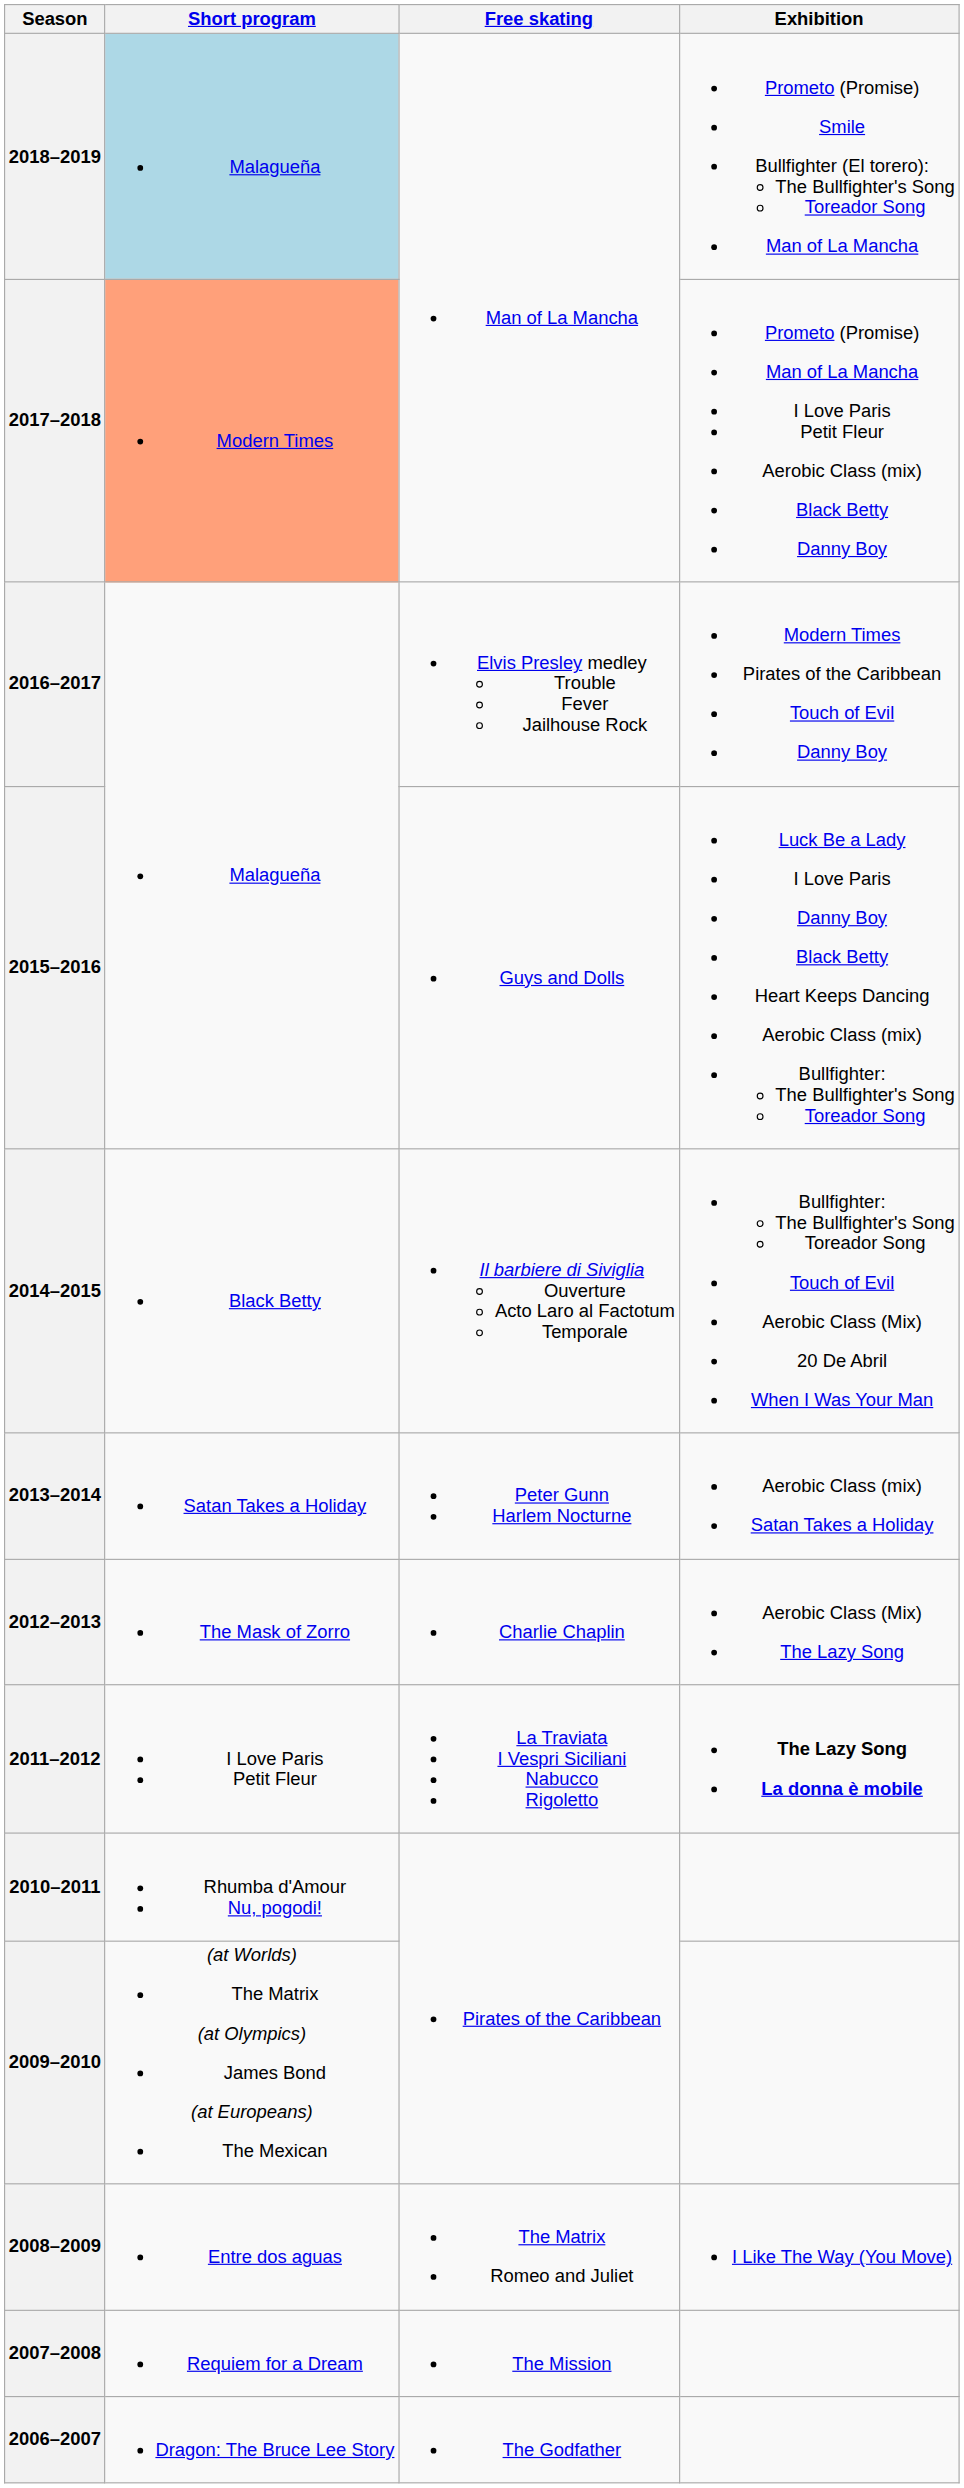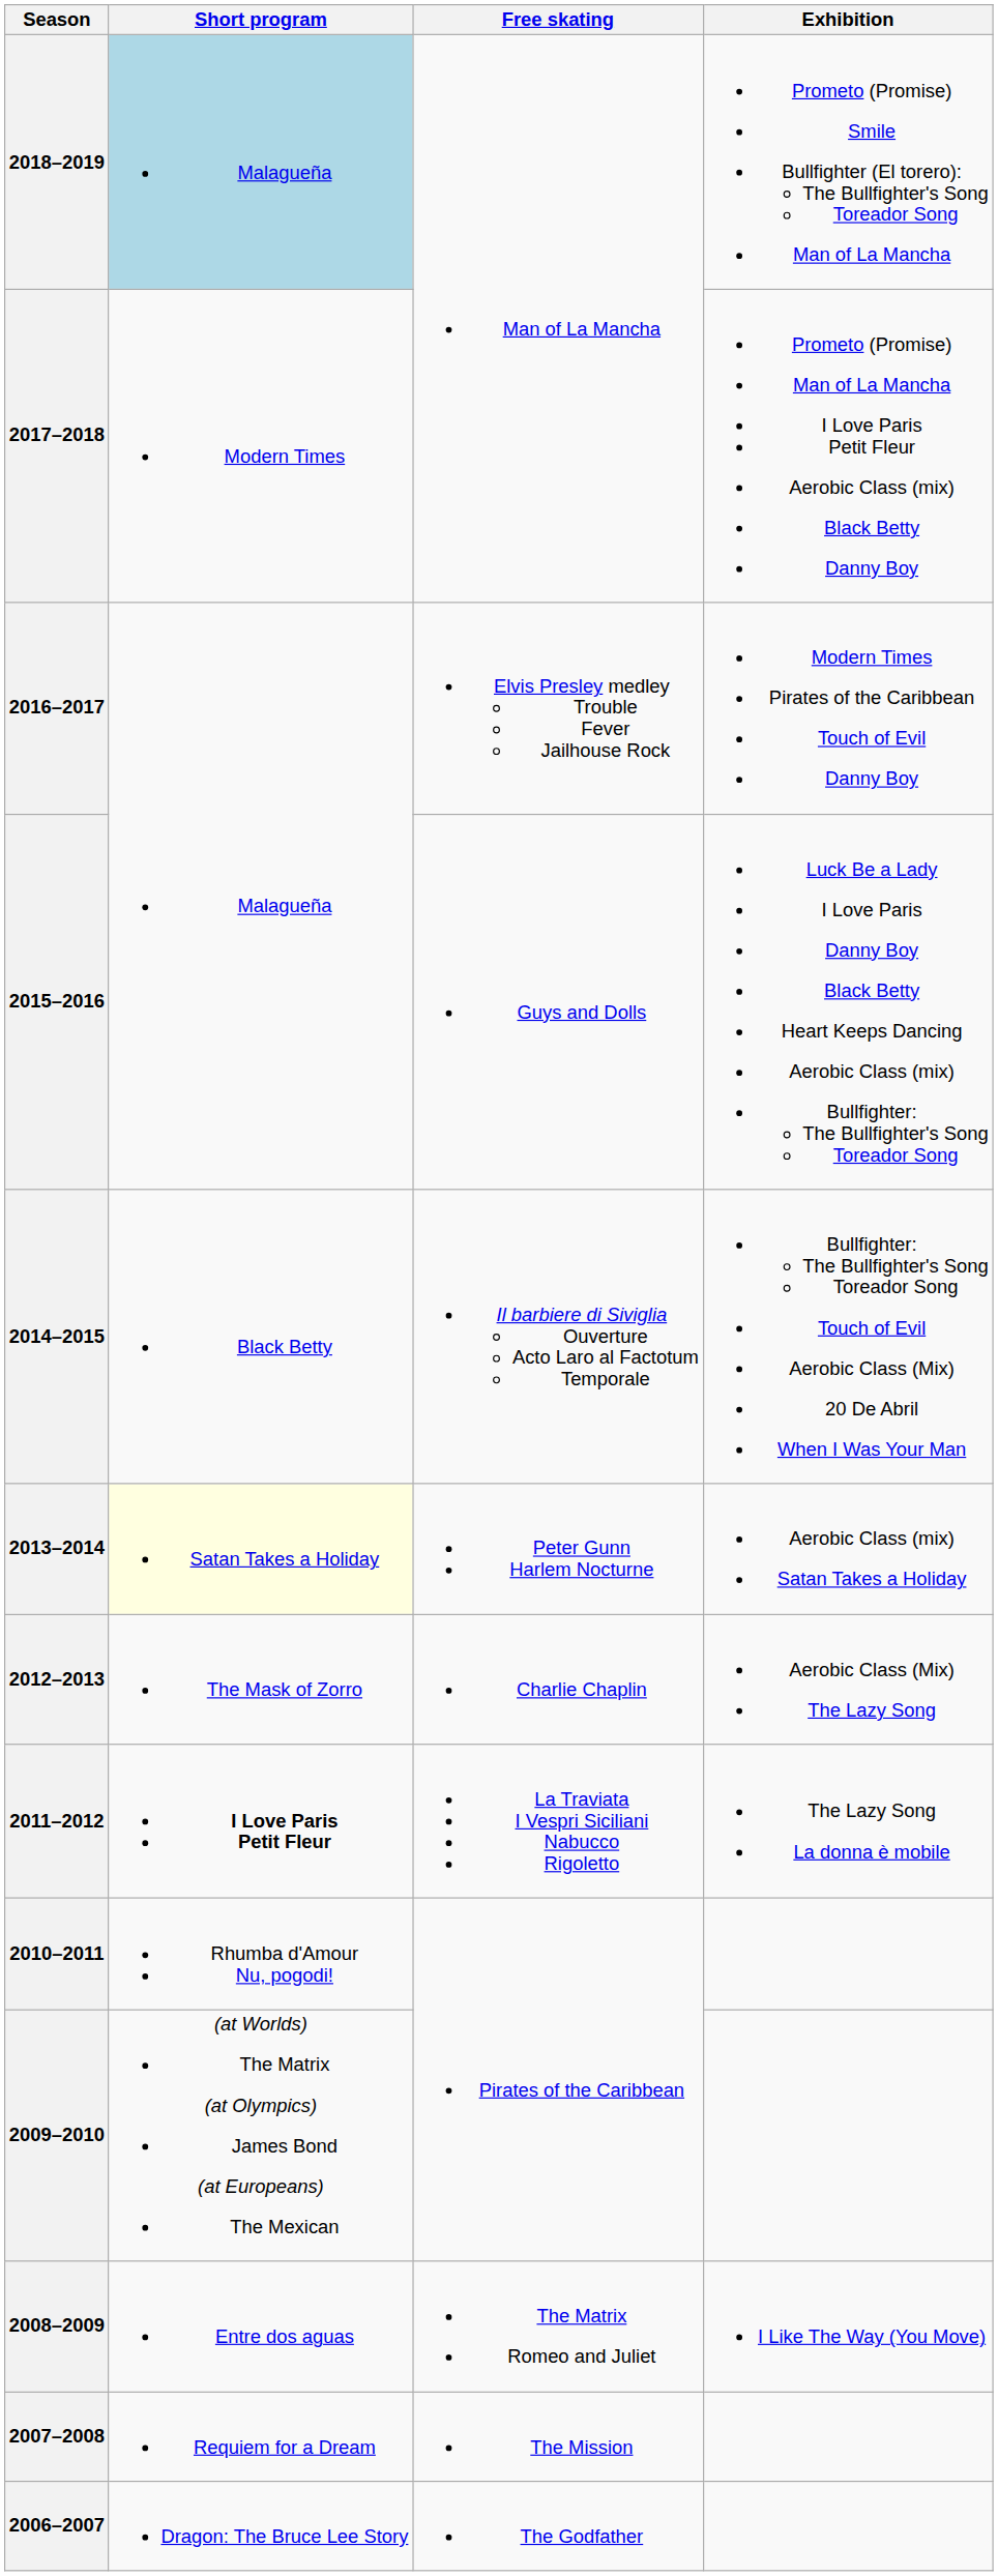 <table class="wikitable" style="text-align:center">
 <tr>
 <th>Season</th>
 <th><a href='#'>Short program</a></th>
 <th><a href='#'>Free skating</a></th>
 <th>Exhibition</th>
 </tr>
 <tr>
 <th>2018–2019 <br> </th>
 <td style="background: lightblue;"><br><ul><li><a href='#'>Malagueña</a> <br></li></ul></td>
 <td rowspan="2"><br><ul><li><a href='#'>Man of La Mancha</a> <br></li></ul></td>
 <td><br><ul><li><a href='#'>Prometo</a> (Promise) <br></li></ul><ul><li><a href='#'>Smile</a> <br></li></ul><ul><li>Bullfighter (El torero):<ul><li>The Bullfighter's Song <br></li><li><a href='#'>Toreador Song</a> <br></li></ul></li></ul><ul><li><a href='#'>Man of La Mancha</a> <br></li></ul></td>
 </tr>
 <tr>
 <th>2017–2018 <br> <br> </th>
-<td style="background: lightsalmon;"><br><ul><li><a href='#'>Modern Times</a> <br></li></ul></td>
+<td><br><ul><li><a href='#'>Modern Times</a> <br></li></ul></td>
 <td><br><ul><li><a href='#'>Prometo</a> (Promise) <br></li></ul><ul><li><a href='#'>Man of La Mancha</a><br></li></ul><ul><li>I Love Paris <br></li><li>Petit Fleur <br></li></ul><ul><li>Aerobic Class (mix) <br></li></ul><ul><li><a href='#'>Black Betty</a> <br></li></ul><ul><li><a href='#'>Danny Boy</a> <br></li></ul></td>
 </tr>
 <tr>
 <th>2016–2017 <br> </th>
 <td rowspan=2><br><ul><li><a href='#'>Malagueña</a> <br></li></ul></td>
 <td><br><ul><li><a href='#'>Elvis Presley</a> medley<ul><li>Trouble</li><li>Fever</li><li>Jailhouse Rock <br></li></ul></li></ul></td>
 <td><br><ul><li><a href='#'>Modern Times</a> <br></li></ul><ul><li>Pirates of the Caribbean <br> </li></ul><ul><li><a href='#'>Touch of Evil</a> <br></li></ul><ul><li><a href='#'>Danny Boy</a> <br></li></ul></td>
 </tr>
 <tr>
 <th>2015–2016 <br> </th>
 <td><br><ul><li><a href='#'>Guys and Dolls</a> <br></li></ul></td>
 <td><br><ul><li><a href='#'>Luck Be a Lady</a> <br></li></ul><ul><li>I Love Paris  <br></li></ul><ul><li><a href='#'>Danny Boy</a> <br></li></ul><ul><li><a href='#'>Black Betty</a> <br></li></ul><ul><li>Heart Keeps Dancing <br></li></ul><ul><li>Aerobic Class (mix) <br></li></ul><ul><li>Bullfighter:<ul><li>The Bullfighter's Song <br></li><li><a href='#'>Toreador Song</a> <br></li></ul></li></ul></td>
 </tr>
 <tr>
 <th>2014–2015 <br> </th>
 <td><br><ul><li><a href='#'>Black Betty</a> <br></li></ul></td>
 <td><br><ul><li><em><a href='#'>Il barbiere di Siviglia</a></em><ul><li>Ouverture</li><li>Acto Laro al Factotum</li><li>Temporale <br></li></ul></li></ul></td>
 <td><br><ul><li>Bullfighter:<ul><li>The Bullfighter's Song <br></li><li>Toreador Song <br></li></ul></li></ul><ul><li><a href='#'>Touch of Evil</a> <br></li></ul><ul><li>Aerobic Class (Mix) <br></li></ul><ul><li>20 De Abril <br></li></ul><ul><li><a href='#'>When I Was Your Man</a> <br></li></ul></td>
 </tr>
 <tr>
 <th>2013–2014 <br> </th>
-<td><br><ul><li><a href='#'>Satan Takes a Holiday</a> <br></li></ul></td>
+<td style="background: lightyellow;"><br><ul><li><a href='#'>Satan Takes a Holiday</a> <br></li></ul></td>
 <td><br><ul><li><a href='#'>Peter Gunn</a> <br></li><li><a href='#'>Harlem Nocturne</a> <br></li></ul></td>
 <td><br><ul><li>Aerobic Class (mix) <br></li></ul><ul><li><a href='#'>Satan Takes a Holiday</a><br></li></ul></td>
 </tr>
 <tr>
 <th>2012–2013 <br> </th>
 <td><br><ul><li><a href='#'>The Mask of Zorro</a> <br></li></ul></td>
 <td><br><ul><li><a href='#'>Charlie Chaplin</a> <br></li></ul></td>
 <td><br><ul><li>Aerobic Class (Mix) <br></li></ul><ul><li><a href='#'>The Lazy Song</a> <br></li></ul></td>
 </tr>
 <tr>
 <th>2011–2012 <br> </th>
-<td><br><ul><li>I Love Paris <br></li><li>Petit Fleur <br></li></ul></td>
+<td><strong><br><ul><li>I Love Paris <br></li><li>Petit Fleur <br></li></ul></strong></td>
 <td><br><ul><li><a href='#'>La Traviata</a></li><li><a href='#'>I Vespri Siciliani</a></li><li><a href='#'>Nabucco</a></li><li><a href='#'>Rigoletto</a> <br></li></ul></td>
-<td><strong><br><ul><li>The Lazy Song <br></li></ul><ul><li><a href='#'>La donna è mobile</a> <br></li></ul></strong></td>
+<td><br><ul><li>The Lazy Song <br></li></ul><ul><li><a href='#'>La donna è mobile</a> <br></li></ul></td>
 </tr>
 <tr>
 <th>2010–2011 <br> </th>
 <td><br><ul><li>Rhumba d'Amour</li><li><a href='#'>Nu, pogodi!</a> <br></li></ul></td>
 <td rowspan="2"><br><ul><li><a href='#'>Pirates of the Caribbean</a> <br></li></ul></td>
 <td></td>
 </tr>
 <tr>
 <th>2009–2010 <br> </th>
 <td><em>(at Worlds)</em><br><ul><li>The Matrix <br></li></ul><em>(at Olympics)</em><ul><li>James Bond <br></li></ul><em>(at Europeans)</em><ul><li>The Mexican</li></ul></td>
 <td></td>
 </tr>
 <tr>
 <th>2008–2009 <br> </th>
 <td><br><ul><li><a href='#'>Entre dos aguas</a> <br></li></ul></td>
 <td><br><ul><li><a href='#'>The Matrix</a> <br></li></ul><ul><li>Romeo and Juliet <br></li></ul></td>
 <td><br><ul><li><a href='#'>I Like The Way (You Move)</a> <br></li></ul></td>
 </tr>
 <tr>
 <th>2007–2008 <br> </th>
 <td><br><ul><li><a href='#'>Requiem for a Dream</a> <br></li></ul></td>
 <td><br><ul><li><a href='#'>The Mission</a> <br></li></ul></td>
 <td></td>
 </tr>
 <tr>
 <th>2006–2007 <br> </th>
 <td><br><ul><li><a href='#'>Dragon: The Bruce Lee Story</a> <br></li></ul></td>
 <td><br><ul><li><a href='#'>The Godfather</a> <br></li></ul></td>
 <td></td>
 </tr>
 </table>
